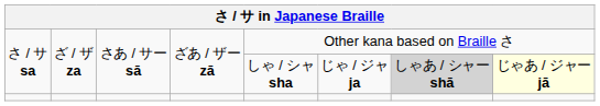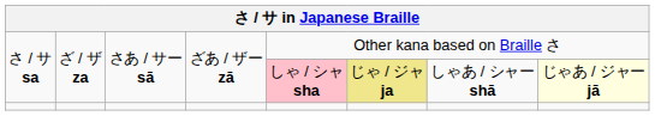 <table class="wikitable nowrap" style="text-align:center">
 <tr>
 <th colspan=8>さ / サ in <a href='#'>Japanese Braille</a></th>
 </tr>
 <tr>
 <td rowspan=2>さ / サ <br><strong>sa</strong></td>
 <td rowspan=2>ざ / ザ <br><strong>za</strong></td>
 <td rowspan=2>さあ / サー <br><strong>sā</strong></td>
 <td rowspan=2>ざあ / ザー <br><strong>zā</strong></td>
 <td colspan=4>Other kana based on <a href='#'>Braille</a> さ</td>
 </tr>
 <tr>
-<td>しゃ / シャ <br><strong>sha</strong></td>
-<td>じゃ / ジャ <br><strong>ja</strong></td>
-<td style="background: lightgrey;">しゃあ / シャー <br><strong>shā</strong></td>
+<td style="background: pink;">しゃ / シャ <br><strong>sha</strong></td>
+<td style="background: khaki;">じゃ / ジャ <br><strong>ja</strong></td>
+<td>しゃあ / シャー <br><strong>shā</strong></td>
 <td style="background: lightyellow;">じゃあ / ジャー <br><strong>jā</strong></td>
 </tr>
 <tr>
 <td></td>
 <td></td>
 <td></td>
 <td></td>
 <td></td>
 <td></td>
 <td></td>
 <td></td>
 </tr>
 </table>
